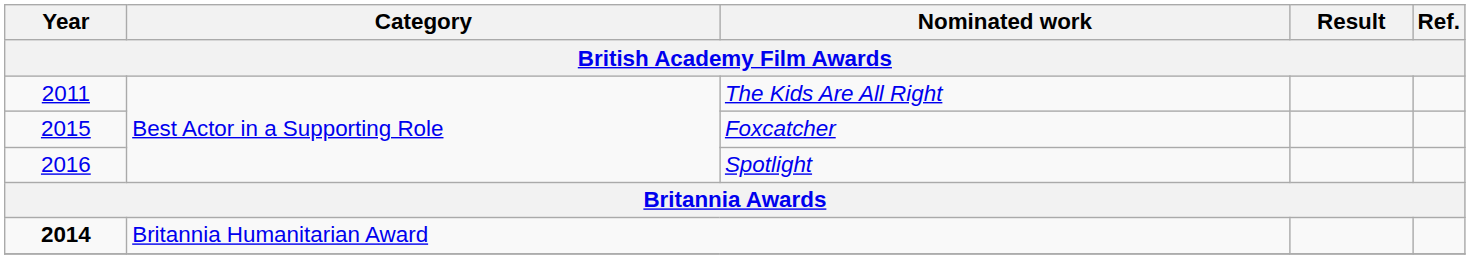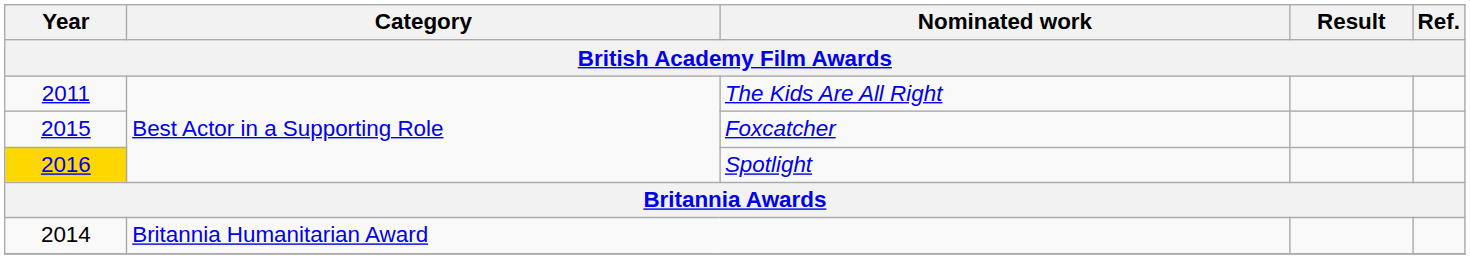 <table class=wikitable>
 <tr>
 <th scope="col" style="width:5em;">Year</th>
 <th scope="col" style="width:26em;">Category</th>
 <th scope="col" style="width:25em;">Nominated work</th>
 <th scope="col" style="width:5em;">Result</th>
 <th>Ref.</th>
 </tr>
 <tr>
 <th colspan=5><a href='#'>British Academy Film Awards</a></th>
 </tr>
 <tr>
 <td style="text-align:center;"><a href='#'>2011</a></td>
 <td rowspan="3"><a href='#'>Best Actor in a Supporting Role</a></td>
 <td><em><a href='#'>The Kids Are All Right</a></em></td>
 <td></td>
 <td style="text-align: center;"></td>
 </tr>
 <tr>
 <td style="text-align:center;"><a href='#'>2015</a></td>
 <td><em><a href='#'>Foxcatcher</a></em></td>
 <td></td>
 <td style="text-align: center;"></td>
 </tr>
 <tr>
-<td style="text-align:center;"><a href='#'>2016</a></td>
+<td style="background: gold; text-align:center;"><a href='#'>2016</a></td>
 <td><em><a href='#'>Spotlight</a></em></td>
 <td></td>
 <td style="text-align: center;"></td>
 </tr>
 <tr>
 <th colspan=5><a href='#'>Britannia Awards</a></th>
 </tr>
 <tr>
-<td style="text-align:center;"><strong>2014</strong></td>
+<td style="text-align:center;">2014</td>
 <td colspan=2><a href='#'>Britannia Humanitarian Award</a></td>
 <td></td>
 <td style="text-align: center"></td>
 </tr>
 <tr>
 </tr>
 </table>
